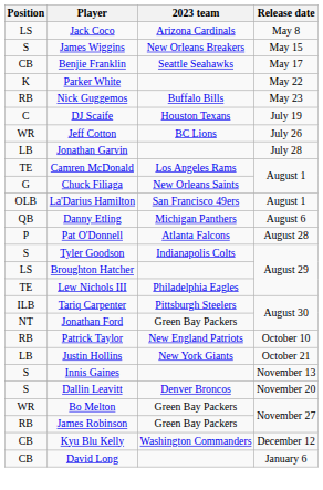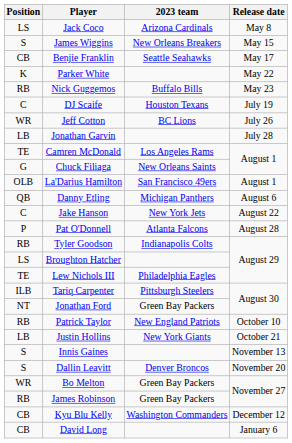 <table class="wikitable" style="text-align:center">
 <tr>
 <th>Position</th>
 <th>Player</th>
 <th>2023 team</th>
 <th>Release date</th>
 </tr>
 <tr>
 <td>LS</td>
 <td><a href='#'>Jack Coco</a></td>
 <td><a href='#'>Arizona Cardinals</a></td>
 <td>May 8</td>
 </tr>
 <tr>
 <td>S</td>
 <td><a href='#'>James Wiggins</a></td>
 <td><a href='#'>New Orleans Breakers</a></td>
 <td>May 15</td>
 </tr>
 <tr>
 <td>CB</td>
 <td><a href='#'>Benjie Franklin</a></td>
 <td><a href='#'>Seattle Seahawks</a></td>
 <td>May 17</td>
 </tr>
 <tr>
 <td>K</td>
 <td><a href='#'>Parker White</a></td>
 <td></td>
 <td>May 22</td>
 </tr>
 <tr>
 <td>RB</td>
 <td><a href='#'>Nick Guggemos</a></td>
 <td><a href='#'>Buffalo Bills</a></td>
 <td>May 23</td>
 </tr>
 <tr>
 <td>C</td>
 <td><a href='#'>DJ Scaife</a></td>
 <td><a href='#'>Houston Texans</a></td>
 <td>July 19</td>
 </tr>
 <tr>
 <td>WR</td>
 <td><a href='#'>Jeff Cotton</a></td>
 <td><a href='#'>BC Lions</a></td>
 <td>July 26</td>
 </tr>
 <tr>
 <td>LB</td>
 <td><a href='#'>Jonathan Garvin</a></td>
 <td></td>
 <td>July 28</td>
 </tr>
 <tr>
 <td>TE</td>
 <td><a href='#'>Camren McDonald</a></td>
 <td><a href='#'>Los Angeles Rams</a></td>
 <td rowspan=2>August 1</td>
 </tr>
 <tr>
 <td>G</td>
 <td><a href='#'>Chuck Filiaga</a></td>
 <td><a href='#'>New Orleans Saints</a></td>
 </tr>
 <tr>
 <td>OLB</td>
 <td><a href='#'>La'Darius Hamilton</a></td>
 <td><a href='#'>San Francisco 49ers</a></td>
 <td>August 1</td>
 </tr>
 <tr>
 <td>QB</td>
 <td><a href='#'>Danny Etling</a></td>
 <td><a href='#'>Michigan Panthers</a></td>
 <td>August 6</td>
 </tr>
 <tr>
+<td>C</td>
+<td><a href='#'>Jake Hanson</a></td>
+<td><a href='#'>New York Jets</a></td>
+<td>August 22</td>
+</tr>
+<tr>
 <td>P</td>
 <td><a href='#'>Pat O'Donnell</a></td>
 <td><a href='#'>Atlanta Falcons</a></td>
 <td>August 28</td>
 </tr>
 <tr>
-<td>S</td>
+<td>RB</td>
 <td><a href='#'>Tyler Goodson</a></td>
 <td><a href='#'>Indianapolis Colts</a></td>
 <td rowspan=3>August 29</td>
 </tr>
 <tr>
 <td>LS</td>
 <td><a href='#'>Broughton Hatcher</a></td>
 <td></td>
 </tr>
 <tr>
 <td>TE</td>
 <td><a href='#'>Lew Nichols III</a></td>
 <td><a href='#'>Philadelphia Eagles</a></td>
 </tr>
 <tr>
 <td>ILB</td>
 <td><a href='#'>Tariq Carpenter</a></td>
 <td><a href='#'>Pittsburgh Steelers</a></td>
 <td rowspan=2>August 30</td>
 </tr>
 <tr>
 <td>NT</td>
 <td><a href='#'>Jonathan Ford</a></td>
 <td>Green Bay Packers</td>
 </tr>
 <tr>
 <td>RB</td>
 <td><a href='#'>Patrick Taylor</a></td>
 <td><a href='#'>New England Patriots</a></td>
 <td>October 10</td>
 </tr>
 <tr>
 <td>LB</td>
 <td><a href='#'>Justin Hollins</a></td>
 <td><a href='#'>New York Giants</a></td>
 <td>October 21</td>
 </tr>
 <tr>
 <td>S</td>
 <td><a href='#'>Innis Gaines</a></td>
 <td></td>
 <td>November 13</td>
 </tr>
 <tr>
 <td>S</td>
 <td><a href='#'>Dallin Leavitt</a></td>
 <td><a href='#'>Denver Broncos</a></td>
 <td>November 20</td>
 </tr>
 <tr>
 <td>WR</td>
 <td><a href='#'>Bo Melton</a></td>
 <td>Green Bay Packers</td>
 <td rowspan=2>November 27</td>
 </tr>
 <tr>
 <td>RB</td>
 <td><a href='#'>James Robinson</a></td>
 <td>Green Bay Packers</td>
 </tr>
 <tr>
 <td>CB</td>
 <td><a href='#'>Kyu Blu Kelly</a></td>
 <td><a href='#'>Washington Commanders</a></td>
 <td>December 12</td>
 </tr>
 <tr>
 <td>CB</td>
 <td><a href='#'>David Long</a></td>
 <td></td>
 <td>January 6</td>
 </tr>
 </table>
